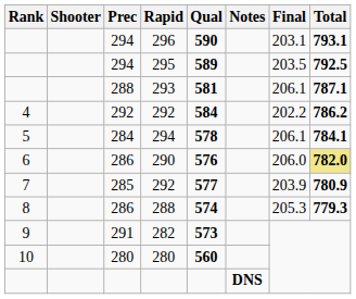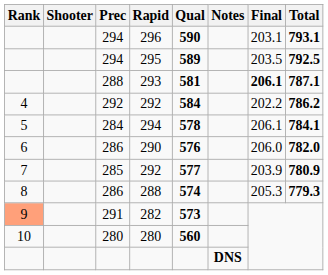 <table class="wikitable sortable" style="text-align: center">
 <tr>
 <th>Rank</th>
 <th>Shooter</th>
 <th>Prec</th>
 <th>Rapid</th>
 <th>Qual</th>
 <th>Notes</th>
 <th>Final</th>
 <th>Total</th>
 </tr>
 <tr>
 <td></td>
 <td align=left></td>
 <td>294</td>
 <td>296</td>
 <td><strong>590</strong></td>
 <td></td>
 <td>203.1</td>
 <td><strong>793.1</strong></td>
 </tr>
 <tr>
 <td></td>
 <td align=left></td>
 <td>294</td>
 <td>295</td>
 <td><strong>589</strong></td>
 <td></td>
 <td>203.5</td>
 <td><strong>792.5</strong></td>
 </tr>
 <tr>
 <td></td>
 <td align=left></td>
 <td>288</td>
 <td>293</td>
 <td><strong>581</strong></td>
 <td></td>
-<td>206.1</td>
+<td><strong>206.1</strong></td>
 <td><strong>787.1</strong></td>
 </tr>
 <tr>
 <td>4</td>
 <td align=left></td>
 <td>292</td>
 <td>292</td>
 <td><strong>584</strong></td>
 <td></td>
 <td>202.2</td>
 <td><strong>786.2</strong></td>
 </tr>
 <tr>
 <td>5</td>
 <td align=left></td>
 <td>284</td>
 <td>294</td>
 <td><strong>578</strong></td>
 <td></td>
 <td>206.1</td>
 <td><strong>784.1</strong></td>
 </tr>
 <tr>
 <td>6</td>
 <td align=left></td>
 <td>286</td>
 <td>290</td>
 <td><strong>576</strong></td>
 <td></td>
 <td>206.0</td>
-<td style="background: khaki;"><strong>782.0</strong></td>
+<td><strong>782.0</strong></td>
 </tr>
 <tr>
 <td>7</td>
 <td align=left></td>
 <td>285</td>
 <td>292</td>
 <td><strong>577</strong></td>
 <td></td>
 <td>203.9</td>
 <td><strong>780.9</strong></td>
 </tr>
 <tr>
 <td>8</td>
 <td align=left></td>
 <td>286</td>
 <td>288</td>
 <td><strong>574</strong></td>
 <td></td>
 <td>205.3</td>
 <td><strong>779.3</strong></td>
 </tr>
 <tr>
-<td>9</td>
+<td style="background: lightsalmon;">9</td>
 <td align=left></td>
 <td>291</td>
 <td>282</td>
 <td><strong>573</strong></td>
 <td></td>
 </tr>
 <tr>
 <td>10</td>
 <td align=left></td>
 <td>280</td>
 <td>280</td>
 <td><strong>560</strong></td>
 <td></td>
 </tr>
 <tr>
 <td></td>
 <td align=left></td>
 <td></td>
 <td></td>
 <td></td>
 <td><strong>DNS</strong></td>
 </tr>
 </table>
